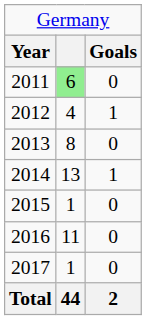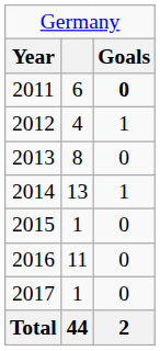 <table class="wikitable" style="text-align:center">
 <tr>
 <td colspan=3><a href='#'>Germany</a></td>
 </tr>
 <tr>
 <th>Year</th>
 <th></th>
 <th>Goals</th>
 </tr>
 <tr>
 <td>2011</td>
-<td style="background: lightgreen;">6</td>
-<td>0</td>
+<td>6</td>
+<td><strong>0</strong></td>
 </tr>
 <tr>
 <td>2012</td>
 <td>4</td>
 <td>1</td>
 </tr>
 <tr>
 <td>2013</td>
 <td>8</td>
 <td>0</td>
 </tr>
 <tr>
 <td>2014</td>
 <td>13</td>
 <td>1</td>
 </tr>
 <tr>
 <td>2015</td>
 <td>1</td>
 <td>0</td>
 </tr>
 <tr>
 <td>2016</td>
 <td>11</td>
 <td>0</td>
 </tr>
 <tr>
 <td>2017</td>
 <td>1</td>
 <td>0</td>
 </tr>
 <tr>
 <th>Total</th>
 <th>44</th>
 <th>2</th>
 </tr>
 </table>
